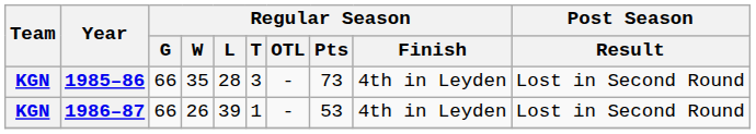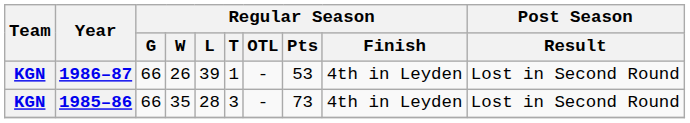 <table class="wikitable" style="font-size: 95%; text-align:center;">
 <tr>
 <th rowspan="2">Team</th>
 <th rowspan="2">Year</th>
 <th colspan="7">Regular Season</th>
 <th colspan="1">Post Season</th>
 </tr>
 <tr>
 <th>G</th>
 <th>W</th>
 <th>L</th>
 <th>T</th>
 <th>OTL</th>
 <th>Pts</th>
 <th>Finish</th>
 <th>Result</th>
 </tr>
 <tr>
 <th><a href='#'>KGN</a></th>
+<th><a href='#'>1986–87</a></th>
+<td>66</td>
+<td>26</td>
+<td>39</td>
+<td>1</td>
+<td>-</td>
+<td>53</td>
+<td>4th in Leyden</td>
+<td>Lost in Second Round</td>
+</tr>
+<tr>
+<th><a href='#'>KGN</a></th>
 <th><a href='#'>1985–86</a></th>
 <td>66</td>
 <td>35</td>
 <td>28</td>
 <td>3</td>
 <td>-</td>
 <td>73</td>
 <td>4th in Leyden</td>
 <td>Lost in Second Round</td>
 </tr>
 <tr>
-<th><a href='#'>KGN</a></th>
-<th><a href='#'>1986–87</a></th>
-<td>66</td>
-<td>26</td>
-<td>39</td>
-<td>1</td>
-<td>-</td>
-<td>53</td>
-<td>4th in Leyden</td>
-<td>Lost in Second Round</td>
-</tr>
-<tr>
 </tr>
 </table>
